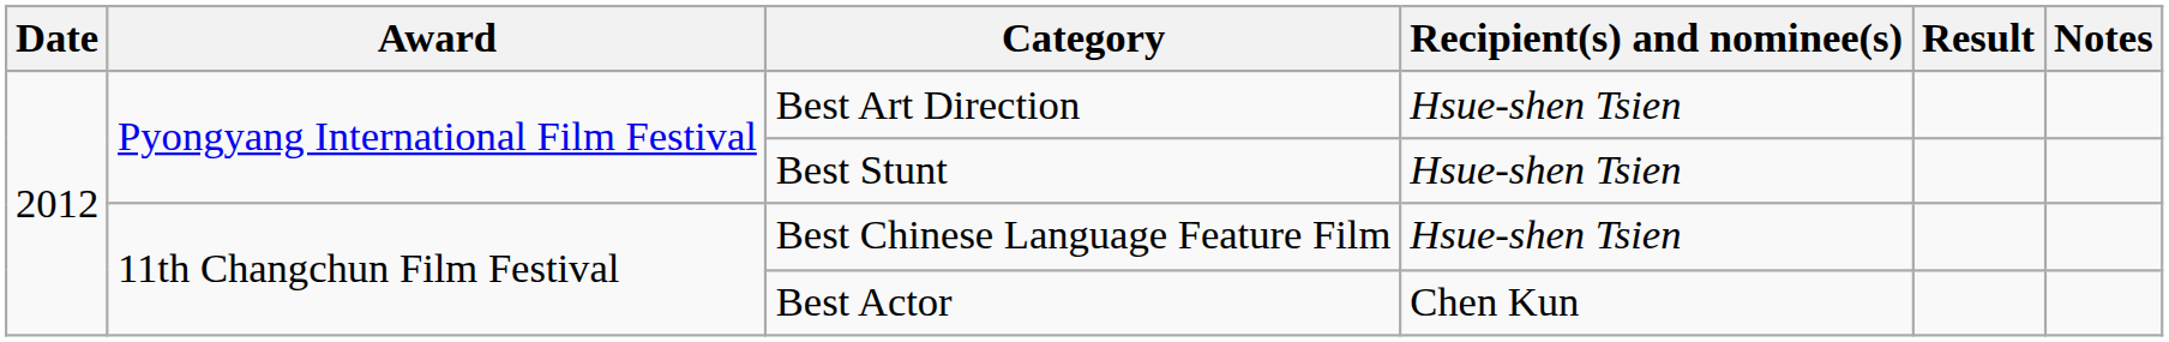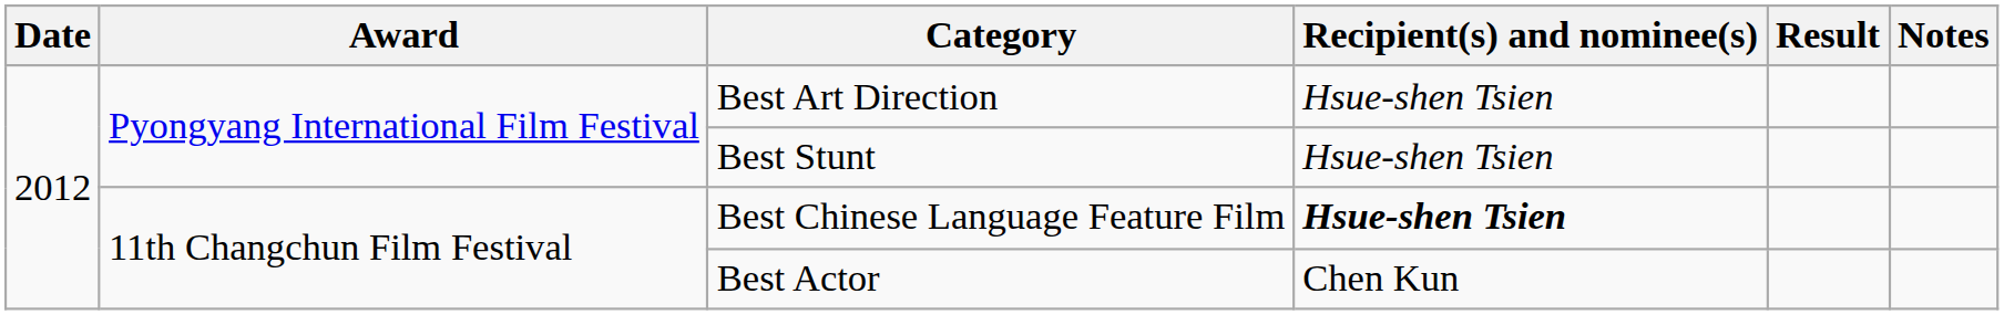 <table class="wikitable">
 <tr>
 <th>Date</th>
 <th>Award</th>
 <th>Category</th>
 <th>Recipient(s) and nominee(s)</th>
 <th>Result</th>
 <th>Notes</th>
 </tr>
 <tr>
 <td rowspan="4">2012</td>
 <td rowspan="2"><a href='#'>Pyongyang International Film Festival</a></td>
 <td>Best Art Direction</td>
 <td><em>Hsue-shen Tsien</em></td>
 <td></td>
 <td></td>
 </tr>
 <tr>
 <td>Best Stunt</td>
 <td><em>Hsue-shen Tsien</em></td>
 <td></td>
 <td></td>
 </tr>
 <tr>
 <td rowspan="2">11th Changchun Film Festival</td>
 <td>Best Chinese Language Feature Film</td>
-<td><em>Hsue-shen Tsien</em></td>
+<td><strong><em>Hsue-shen Tsien</em></strong></td>
 <td></td>
 <td></td>
 </tr>
 <tr>
 <td>Best Actor</td>
 <td>Chen Kun</td>
 <td></td>
 <td></td>
 </tr>
 </table>
